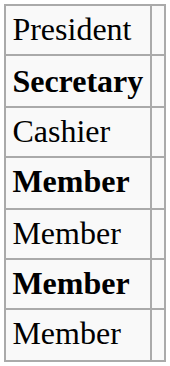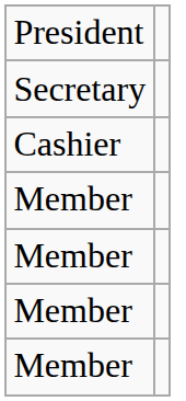 <table class="wikitable">
 <tr>
 <td>President</td>
 <td></td>
 </tr>
 <tr>
-<td><strong>Secretary</strong></td>
+<td>Secretary</td>
 <td></td>
 </tr>
 <tr>
 <td>Cashier</td>
 <td></td>
 </tr>
 <tr>
-<td><strong>Member</strong></td>
+<td>Member</td>
 <td></td>
 </tr>
 <tr>
 <td>Member</td>
 <td></td>
 </tr>
 <tr>
-<td><strong>Member</strong></td>
+<td>Member</td>
 <td></td>
 </tr>
 <tr>
 <td>Member</td>
 <td></td>
 </tr>
 <tr>
 </tr>
 </table>
